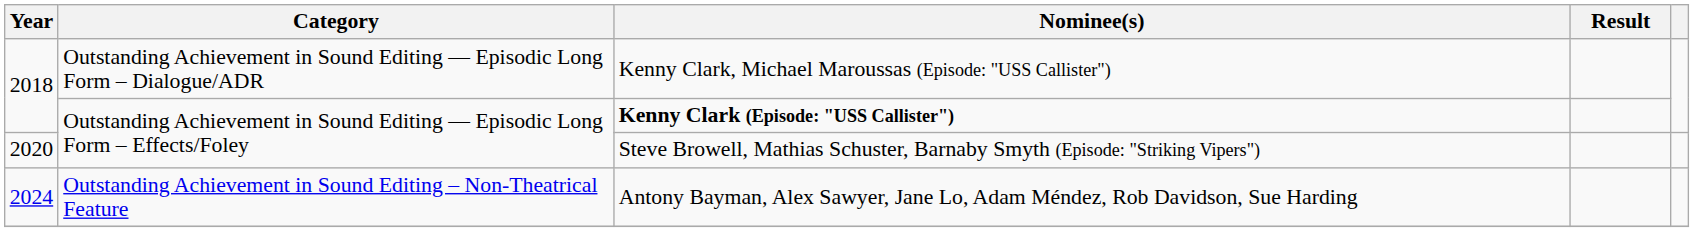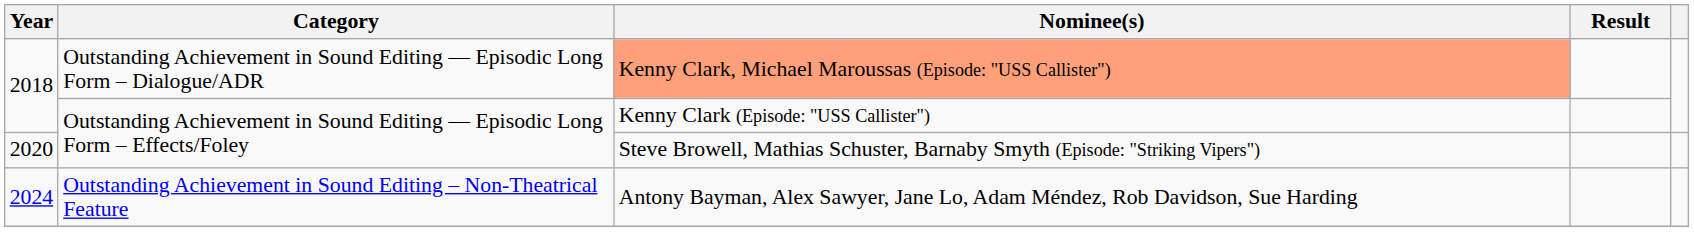 <table class="wikitable sortable" style="width:98%; summary:Black Mirror won one of four awards.">
 <tr>
 <th scope="col" style="width:3%;">Year</th>
 <th scope="col" style="width:33%;">Category</th>
 <th>Nominee(s)</th>
 <th scope="col" style="width:6%;">Result</th>
 <th scope="col" class="unsortable" style="width:1%;"></th>
 </tr>
 <tr>
 <td rowspan="2" style="text-align: center;">2018</td>
 <td>Outstanding Achievement in Sound Editing — Episodic Long Form – Dialogue/ADR</td>
-<td>Kenny Clark, Michael Maroussas <small>(Episode: "USS Callister")</small></td>
+<td style="background: lightsalmon;">Kenny Clark, Michael Maroussas <small>(Episode: "USS Callister")</small></td>
 <td></td>
 <td rowspan="2" align="center"></td>
 </tr>
 <tr>
 <td rowspan="2">Outstanding Achievement in Sound Editing — Episodic Long Form – Effects/Foley</td>
-<td><strong>Kenny Clark <small>(Episode: "USS Callister")</small></strong></td>
+<td>Kenny Clark <small>(Episode: "USS Callister")</small></td>
 <td></td>
 </tr>
 <tr>
 <td style="text-align: center;">2020</td>
 <td>Steve Browell, Mathias Schuster, Barnaby Smyth <small>(Episode: "Striking Vipers")</small></td>
 <td></td>
 <td align="center"></td>
 </tr>
 <tr>
 <td align="center"><a href='#'>2024</a></td>
 <td><a href='#'>Outstanding Achievement in Sound Editing – Non-Theatrical Feature</a></td>
 <td>Antony Bayman, Alex Sawyer, Jane Lo, Adam Méndez, Rob Davidson, Sue Harding </td>
 <td></td>
 <td rowspan="1" align="center"></td>
 </tr>
 <tr>
 </tr>
 </table>
